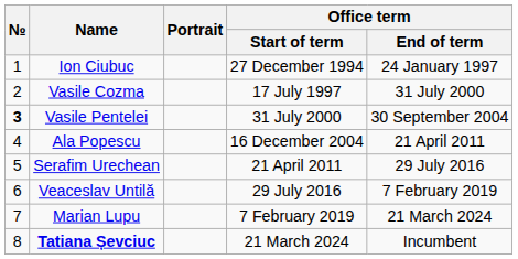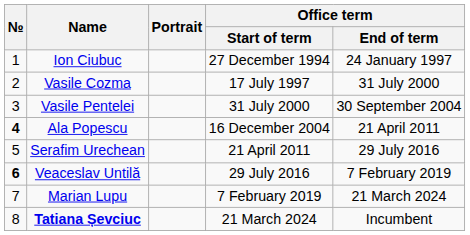 <table class="wikitable" style="text-align:center">
 <tr>
 <th rowspan="2">№</th>
 <th rowspan="2">Name</th>
 <th rowspan="2">Portrait</th>
 <th colspan="2">Office term</th>
 </tr>
 <tr>
 <th>Start of term</th>
 <th>End of term</th>
 </tr>
 <tr>
 <td>1</td>
 <td><a href='#'>Ion Ciubuc</a></td>
 <td></td>
 <td>27 December 1994</td>
 <td>24 January 1997</td>
 </tr>
 <tr>
 <td>2</td>
 <td><a href='#'>Vasile Cozma</a></td>
 <td></td>
 <td>17 July 1997</td>
 <td>31 July 2000</td>
 </tr>
 <tr>
-<td><strong>3</strong></td>
+<td>3</td>
 <td><a href='#'>Vasile Pentelei</a></td>
 <td></td>
 <td>31 July 2000</td>
 <td>30 September 2004</td>
 </tr>
 <tr>
-<td>4</td>
+<td><strong>4</strong></td>
 <td><a href='#'>Ala Popescu</a></td>
 <td></td>
 <td>16 December 2004</td>
 <td>21 April 2011</td>
 </tr>
 <tr>
 <td>5</td>
 <td><a href='#'>Serafim Urechean</a></td>
 <td></td>
 <td>21 April 2011</td>
 <td>29 July 2016</td>
 </tr>
 <tr>
-<td>6</td>
+<td><strong>6</strong></td>
 <td><a href='#'>Veaceslav Untilă</a></td>
 <td></td>
 <td>29 July 2016</td>
 <td>7 February 2019</td>
 </tr>
 <tr>
 <td>7</td>
 <td><a href='#'>Marian Lupu</a></td>
 <td></td>
 <td>7 February 2019</td>
 <td>21 March 2024</td>
 </tr>
 <tr>
 <td>8</td>
 <td><strong><a href='#'>Tatiana Șevciuc</a></strong></td>
 <td></td>
 <td>21 March 2024</td>
 <td>Incumbent</td>
 </tr>
 </table>
